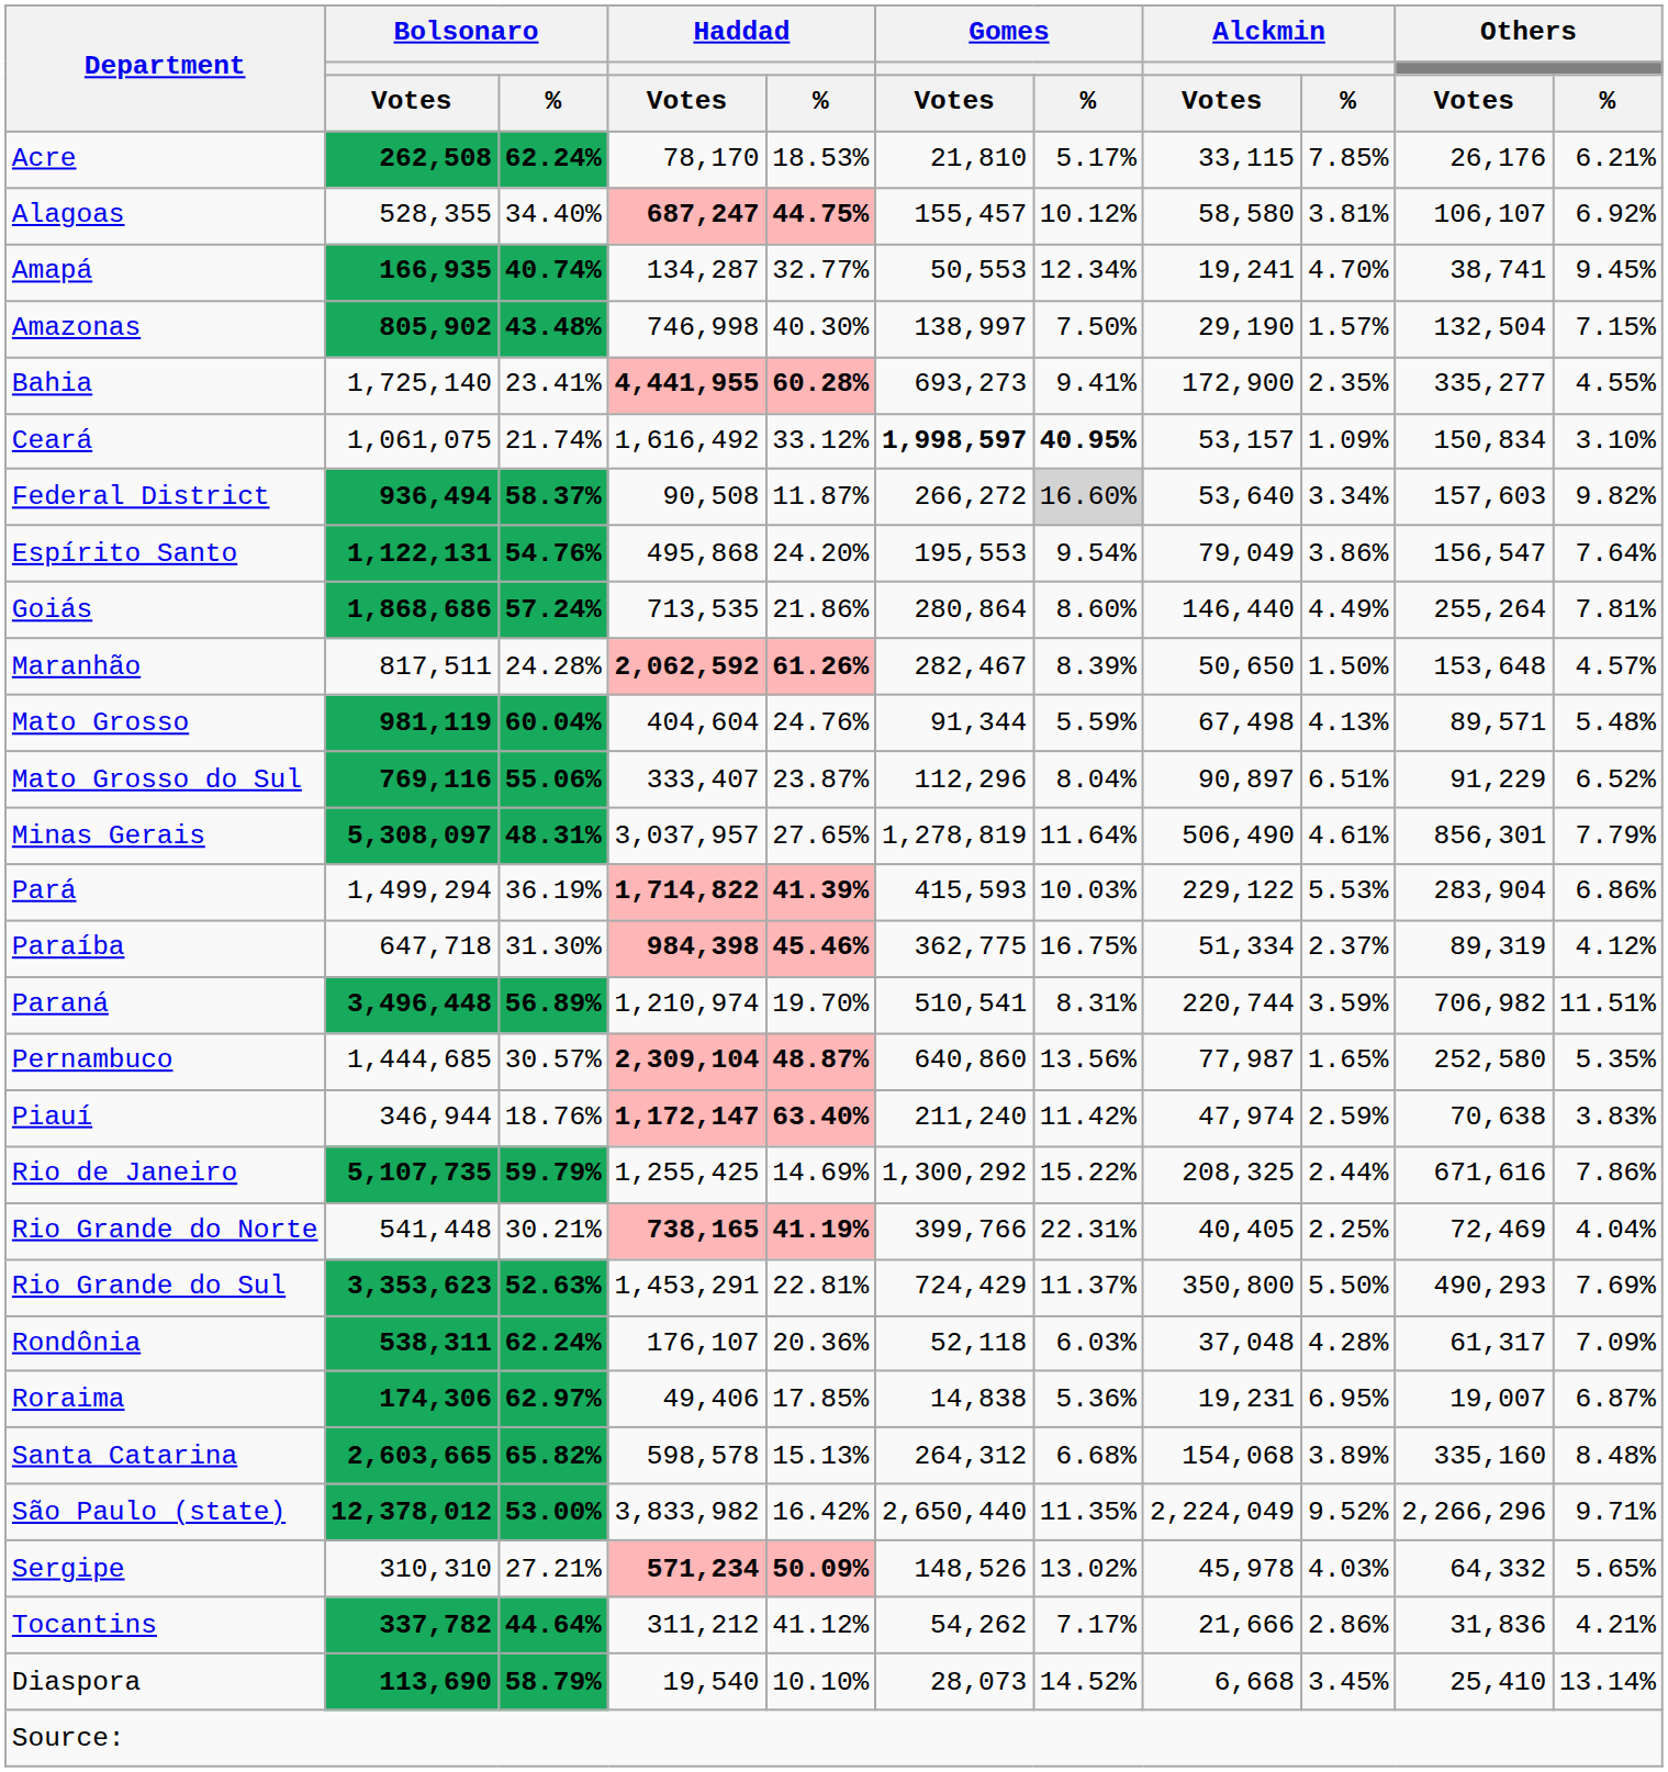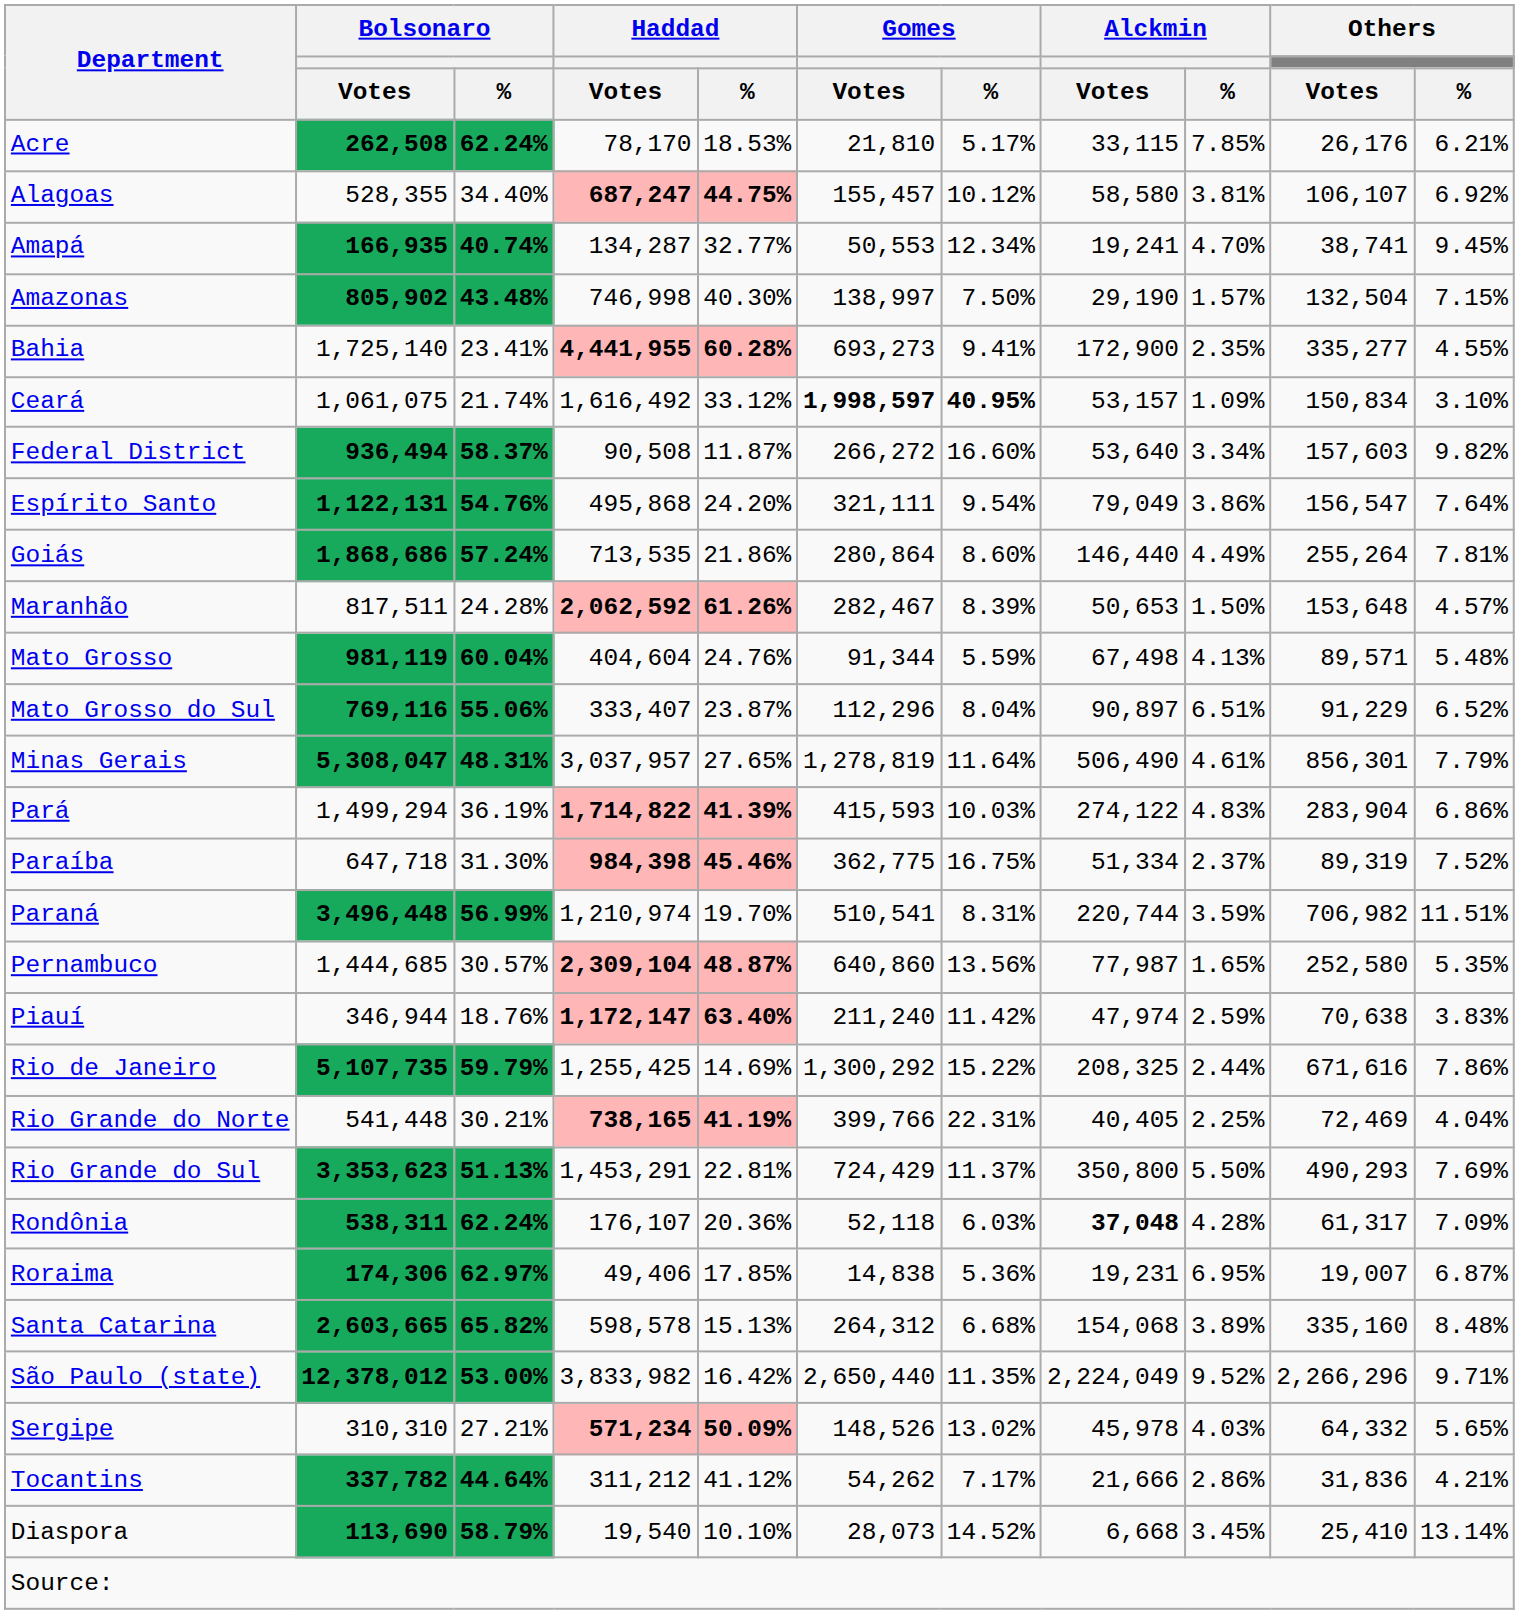 <table class="wikitable sortable" style="text-align:right; font-size:95%; line-height:20px;">
 <tr>
 <th rowspan="3"><a href='#'>Department</a></th>
 <th colspan="2" style="width:110px;"><a href='#'>Bolsonaro</a></th>
 <th colspan="2" style="width:110px;"><a href='#'>Haddad</a></th>
 <th colspan="2" style="width:110px;"><a href='#'>Gomes</a></th>
 <th colspan="2" style="width:110px;"><a href='#'>Alckmin</a></th>
 <th colspan="2" style="width:110px;">Others</th>
 </tr>
 <tr>
 <th colspan="2" style="background:"></th>
 <th colspan="2" style="background:"></th>
 <th colspan="2" style="background:"></th>
 <th colspan="2" style="background:"></th>
 <th colspan="2" style="background:grey;"></th>
 </tr>
 <tr>
 <th>Votes</th>
 <th>%</th>
 <th>Votes</th>
 <th>%</th>
 <th>Votes</th>
 <th>%</th>
 <th>Votes</th>
 <th>%</th>
 <th>Votes</th>
 <th>%</th>
 </tr>
 <tr>
 <td style="text-align:left;"><a href='#'>Acre</a></td>
 <td style="background:#17aa5c;"><strong>262,508</strong></td>
 <td style="background:#17aa5c;"><strong>62.24%</strong></td>
 <td>78,170</td>
 <td>18.53%</td>
 <td>21,810</td>
 <td>5.17%</td>
 <td>33,115</td>
 <td>7.85%</td>
 <td>26,176</td>
 <td>6.21%</td>
 </tr>
 <tr>
 <td style="text-align:left;"><a href='#'>Alagoas</a></td>
 <td>528,355</td>
 <td>34.40%</td>
 <td style="background:#ffb6b6;"><strong>687,247</strong></td>
 <td style="background:#ffb6b6;"><strong>44.75%</strong></td>
 <td>155,457</td>
 <td>10.12%</td>
 <td>58,580</td>
 <td>3.81%</td>
 <td>106,107</td>
 <td>6.92%</td>
 </tr>
 <tr>
 <td style="text-align:left;"><a href='#'>Amapá</a></td>
 <td style="background:#17aa5c;"><strong>166,935</strong></td>
 <td style="background:#17aa5c;"><strong>40.74%</strong></td>
 <td>134,287</td>
 <td>32.77%</td>
 <td>50,553</td>
 <td>12.34%</td>
 <td>19,241</td>
 <td>4.70%</td>
 <td>38,741</td>
 <td>9.45%</td>
 </tr>
 <tr>
 <td style="text-align:left;"><a href='#'>Amazonas</a></td>
 <td style="background:#17aa5c;"><strong>805,902</strong></td>
 <td style="background:#17aa5c;"><strong>43.48%</strong></td>
 <td>746,998</td>
 <td>40.30%</td>
 <td>138,997</td>
 <td>7.50%</td>
 <td>29,190</td>
 <td>1.57%</td>
 <td>132,504</td>
 <td>7.15%</td>
 </tr>
 <tr>
 <td style="text-align:left;"><a href='#'>Bahia</a></td>
 <td>1,725,140</td>
 <td>23.41%</td>
 <td style="background:#ffb6b6;"><strong>4,441,955</strong></td>
 <td style="background:#ffb6b6;"><strong>60.28%</strong></td>
 <td>693,273</td>
 <td>9.41%</td>
 <td>172,900</td>
 <td>2.35%</td>
 <td>335,277</td>
 <td>4.55%</td>
 </tr>
 <tr>
 <td style="text-align:left;"><a href='#'>Ceará</a></td>
 <td>1,061,075</td>
 <td>21.74%</td>
 <td>1,616,492</td>
 <td>33.12%</td>
 <td style="background:"><strong>1,998,597</strong></td>
 <td style="background:"><strong>40.95%</strong></td>
 <td>53,157</td>
 <td>1.09%</td>
 <td>150,834</td>
 <td>3.10%</td>
 </tr>
 <tr>
 <td style="text-align:left;"><a href='#'>Federal District</a></td>
 <td style="background:#17aa5c;"><strong>936,494</strong></td>
 <td style="background:#17aa5c;"><strong>58.37%</strong></td>
 <td>90,508</td>
 <td>11.87%</td>
 <td>266,272</td>
-<td style="background: lightgrey;">16.60%</td>
+<td>16.60%</td>
 <td>53,640</td>
 <td>3.34%</td>
 <td>157,603</td>
 <td>9.82%</td>
 </tr>
 <tr>
 <td style="text-align:left;"><a href='#'>Espírito Santo</a></td>
 <td style="background:#17aa5c;"><strong>1,122,131</strong></td>
 <td style="background:#17aa5c;"><strong>54.76%</strong></td>
 <td>495,868</td>
 <td>24.20%</td>
-<td>195,553</td>
+<td>321,111</td>
 <td>9.54%</td>
 <td>79,049</td>
 <td>3.86%</td>
 <td>156,547</td>
 <td>7.64%</td>
 </tr>
 <tr>
 <td style="text-align:left;"><a href='#'>Goiás</a></td>
 <td style="background:#17aa5c;"><strong>1,868,686</strong></td>
 <td style="background:#17aa5c;"><strong>57.24%</strong></td>
 <td>713,535</td>
 <td>21.86%</td>
 <td>280,864</td>
 <td>8.60%</td>
 <td>146,440</td>
 <td>4.49%</td>
 <td>255,264</td>
 <td>7.81%</td>
 </tr>
 <tr>
 <td style="text-align:left;"><a href='#'>Maranhão</a></td>
 <td>817,511</td>
 <td>24.28%</td>
 <td style="background:#ffb6b6;"><strong>2,062,592</strong></td>
 <td style="background:#ffb6b6;"><strong>61.26%</strong></td>
 <td>282,467</td>
 <td>8.39%</td>
-<td>50,650</td>
+<td>50,653</td>
 <td>1.50%</td>
 <td>153,648</td>
 <td>4.57%</td>
 </tr>
 <tr>
 <td style="text-align:left;"><a href='#'>Mato Grosso</a></td>
 <td style="background:#17aa5c;"><strong>981,119</strong></td>
 <td style="background:#17aa5c;"><strong>60.04%</strong></td>
 <td>404,604</td>
 <td>24.76%</td>
 <td>91,344</td>
 <td>5.59%</td>
 <td>67,498</td>
 <td>4.13%</td>
 <td>89,571</td>
 <td>5.48%</td>
 </tr>
 <tr>
 <td style="text-align:left;"><a href='#'>Mato Grosso do Sul</a></td>
 <td style="background:#17aa5c;"><strong>769,116</strong></td>
 <td style="background:#17aa5c;"><strong>55.06%</strong></td>
 <td>333,407</td>
 <td>23.87%</td>
 <td>112,296</td>
 <td>8.04%</td>
 <td>90,897</td>
 <td>6.51%</td>
 <td>91,229</td>
 <td>6.52%</td>
 </tr>
 <tr>
 <td style="text-align:left;"><a href='#'>Minas Gerais</a></td>
-<td style="background:#17aa5c;"><strong>5,308,097</strong></td>
+<td style="background:#17aa5c;"><strong>5,308,047</strong></td>
 <td style="background:#17aa5c;"><strong>48.31%</strong></td>
 <td>3,037,957</td>
 <td>27.65%</td>
 <td>1,278,819</td>
 <td>11.64%</td>
 <td>506,490</td>
 <td>4.61%</td>
 <td>856,301</td>
 <td>7.79%</td>
 </tr>
 <tr>
 <td style="text-align:left;"><a href='#'>Pará</a></td>
 <td>1,499,294</td>
 <td>36.19%</td>
 <td style="background:#ffb6b6;"><strong>1,714,822</strong></td>
 <td style="background:#ffb6b6;"><strong>41.39%</strong></td>
 <td>415,593</td>
 <td>10.03%</td>
-<td>229,122</td>
-<td>5.53%</td>
+<td>274,122</td>
+<td>4.83%</td>
 <td>283,904</td>
 <td>6.86%</td>
 </tr>
 <tr>
 <td style="text-align:left;"><a href='#'>Paraíba</a></td>
 <td>647,718</td>
 <td>31.30%</td>
 <td style="background:#ffb6b6;"><strong>984,398</strong></td>
 <td style="background:#ffb6b6;"><strong>45.46%</strong></td>
 <td>362,775</td>
 <td>16.75%</td>
 <td>51,334</td>
 <td>2.37%</td>
 <td>89,319</td>
-<td>4.12%</td>
+<td>7.52%</td>
 </tr>
 <tr>
 <td style="text-align:left;"><a href='#'>Paraná</a></td>
 <td style="background:#17aa5c;"><strong>3,496,448</strong></td>
-<td style="background:#17aa5c;"><strong>56.89%</strong></td>
+<td style="background:#17aa5c;"><strong>56.99%</strong></td>
 <td>1,210,974</td>
 <td>19.70%</td>
 <td>510,541</td>
 <td>8.31%</td>
 <td>220,744</td>
 <td>3.59%</td>
 <td>706,982</td>
 <td>11.51%</td>
 </tr>
 <tr>
 <td style="text-align:left;"><a href='#'>Pernambuco</a></td>
 <td>1,444,685</td>
 <td>30.57%</td>
 <td style="background:#ffb6b6;"><strong>2,309,104</strong></td>
 <td style="background:#ffb6b6;"><strong>48.87%</strong></td>
 <td>640,860</td>
 <td>13.56%</td>
 <td>77,987</td>
 <td>1.65%</td>
 <td>252,580</td>
 <td>5.35%</td>
 </tr>
 <tr>
 <td style="text-align:left;"><a href='#'>Piauí</a></td>
 <td>346,944</td>
 <td>18.76%</td>
 <td style="background:#ffb6b6;"><strong>1,172,147</strong></td>
 <td style="background:#ffb6b6;"><strong>63.40%</strong></td>
 <td>211,240</td>
 <td>11.42%</td>
 <td>47,974</td>
 <td>2.59%</td>
 <td>70,638</td>
 <td>3.83%</td>
 </tr>
 <tr>
 <td style="text-align:left;"><a href='#'>Rio de Janeiro</a></td>
 <td style="background:#17aa5c;"><strong>5,107,735</strong></td>
 <td style="background:#17aa5c;"><strong>59.79%</strong></td>
 <td>1,255,425</td>
 <td>14.69%</td>
 <td>1,300,292</td>
 <td>15.22%</td>
 <td>208,325</td>
 <td>2.44%</td>
 <td>671,616</td>
 <td>7.86%</td>
 </tr>
 <tr>
 <td style="text-align:left;"><a href='#'>Rio Grande do Norte</a></td>
 <td>541,448</td>
 <td>30.21%</td>
 <td style="background:#ffb6b6;"><strong>738,165</strong></td>
 <td style="background:#ffb6b6;"><strong>41.19%</strong></td>
 <td>399,766</td>
 <td>22.31%</td>
 <td>40,405</td>
 <td>2.25%</td>
 <td>72,469</td>
 <td>4.04%</td>
 </tr>
 <tr>
 <td style="text-align:left;"><a href='#'>Rio Grande do Sul</a></td>
 <td style="background:#17aa5c;"><strong>3,353,623</strong></td>
-<td style="background:#17aa5c;"><strong>52.63%</strong></td>
+<td style="background:#17aa5c;"><strong>51.13%</strong></td>
 <td>1,453,291</td>
 <td>22.81%</td>
 <td>724,429</td>
 <td>11.37%</td>
 <td>350,800</td>
 <td>5.50%</td>
 <td>490,293</td>
 <td>7.69%</td>
 </tr>
 <tr>
 <td style="text-align:left;"><a href='#'>Rondônia</a></td>
 <td style="background:#17aa5c;"><strong>538,311</strong></td>
 <td style="background:#17aa5c;"><strong>62.24%</strong></td>
 <td>176,107</td>
 <td>20.36%</td>
 <td>52,118</td>
 <td>6.03%</td>
-<td>37,048</td>
+<td><strong>37,048</strong></td>
 <td>4.28%</td>
 <td>61,317</td>
 <td>7.09%</td>
 </tr>
 <tr>
 <td style="text-align:left;"><a href='#'>Roraima</a></td>
 <td style="background:#17aa5c;"><strong>174,306</strong></td>
 <td style="background:#17aa5c;"><strong>62.97%</strong></td>
 <td>49,406</td>
 <td>17.85%</td>
 <td>14,838</td>
 <td>5.36%</td>
 <td>19,231</td>
 <td>6.95%</td>
 <td>19,007</td>
 <td>6.87%</td>
 </tr>
 <tr>
 <td style="text-align:left;"><a href='#'>Santa Catarina</a></td>
 <td style="background:#17aa5c;"><strong>2,603,665</strong></td>
 <td style="background:#17aa5c;"><strong>65.82%</strong></td>
 <td>598,578</td>
 <td>15.13%</td>
 <td>264,312</td>
 <td>6.68%</td>
 <td>154,068</td>
 <td>3.89%</td>
 <td>335,160</td>
 <td>8.48%</td>
 </tr>
 <tr>
 <td style="text-align:left;"><a href='#'>São Paulo (state)</a></td>
 <td style="background:#17aa5c;"><strong>12,378,012</strong></td>
 <td style="background:#17aa5c;"><strong>53.00%</strong></td>
 <td>3,833,982</td>
 <td>16.42%</td>
 <td>2,650,440</td>
 <td>11.35%</td>
 <td>2,224,049</td>
 <td>9.52%</td>
 <td>2,266,296</td>
 <td>9.71%</td>
 </tr>
 <tr>
 <td style="text-align:left;"><a href='#'>Sergipe</a></td>
 <td>310,310</td>
 <td>27.21%</td>
 <td style="background:#ffb6b6;"><strong>571,234</strong></td>
 <td style="background:#ffb6b6;"><strong>50.09%</strong></td>
 <td>148,526</td>
 <td>13.02%</td>
 <td>45,978</td>
 <td>4.03%</td>
 <td>64,332</td>
 <td>5.65%</td>
 </tr>
 <tr>
 <td style="text-align:left;"><a href='#'>Tocantins</a></td>
 <td style="background:#17aa5c;"><strong>337,782</strong></td>
 <td style="background:#17aa5c;"><strong>44.64%</strong></td>
 <td>311,212</td>
 <td>41.12%</td>
 <td>54,262</td>
 <td>7.17%</td>
 <td>21,666</td>
 <td>2.86%</td>
 <td>31,836</td>
 <td>4.21%</td>
 </tr>
 <tr>
 <td style="text-align:left;">Diaspora</td>
 <td style="background:#17aa5c;"><strong>113,690</strong></td>
 <td style="background:#17aa5c;"><strong>58.79%</strong></td>
 <td>19,540</td>
 <td>10.10%</td>
 <td>28,073</td>
 <td>14.52%</td>
 <td>6,668</td>
 <td>3.45%</td>
 <td>25,410</td>
 <td>13.14%</td>
 </tr>
 <tr class="sortbottom">
 <td colspan="15" style="text-align:left;">Source: </td>
 </tr>
 </table>
